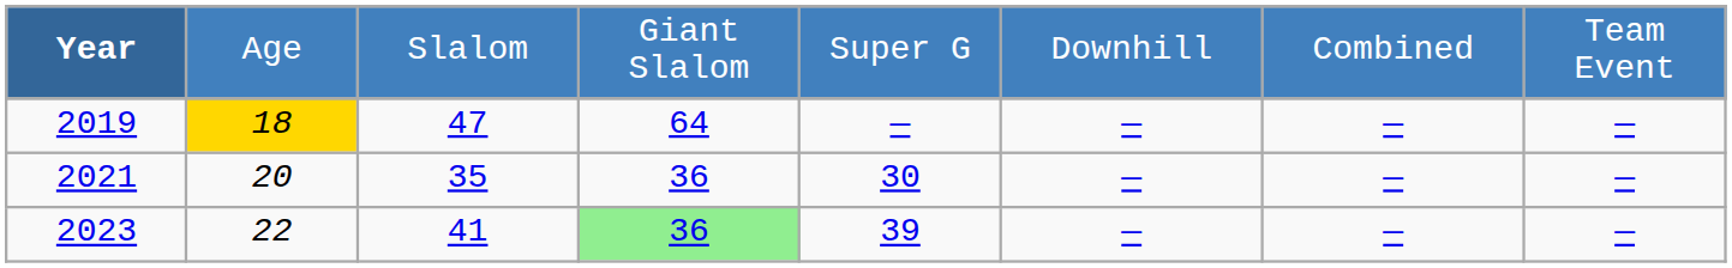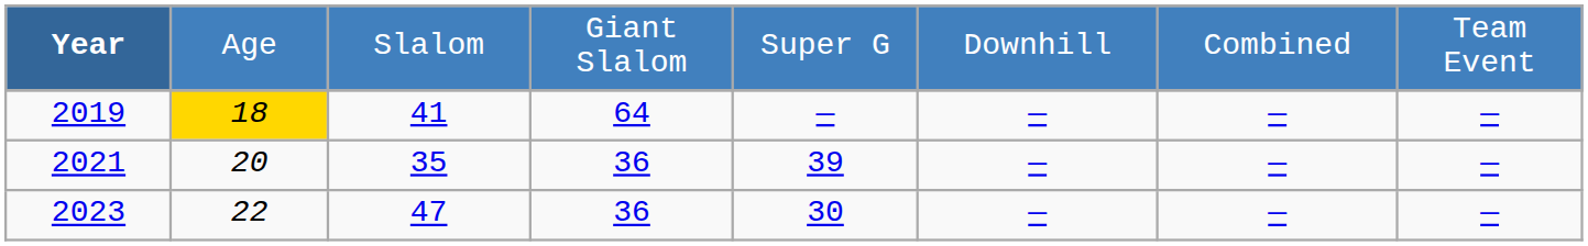 <table class="wikitable" style="font-size:95%; text-align:center; border:grey solid 1px; border-collapse:collapse;" width="50%">
 <tr style="background-color:#369; color:white;">
 <td rowspan="2" colspan="1" width="5%"><strong>Year</strong></td>
 </tr>
 <tr style="background-color:#4180be; color:white;">
 <td width="5%">Age</td>
 <td width="5%">Slalom</td>
 <td width="5%">Giant<br>Slalom</td>
 <td width="5%">Super G</td>
 <td width="5%">Downhill</td>
 <td width="5%">Combined</td>
 <td width="5%">Team Event</td>
 </tr>
 <tr style="background-color:#8CB2D8; color:white;">
 </tr>
 <tr>
 <td><a href='#'>2019</a></td>
 <td style="background: gold;"><em>18</em></td>
-<td><a href='#'>47</a></td>
+<td><a href='#'>41</a></td>
 <td><a href='#'>64</a></td>
 <td><a href='#'>—</a></td>
 <td><a href='#'>—</a></td>
 <td><a href='#'>—</a></td>
 <td><a href='#'>—</a></td>
 </tr>
 <tr>
 <td><a href='#'>2021</a></td>
 <td><em>20</em></td>
 <td><a href='#'>35</a></td>
 <td><a href='#'>36</a></td>
-<td><a href='#'>30</a></td>
+<td><a href='#'>39</a></td>
 <td><a href='#'>—</a></td>
 <td><a href='#'>—</a></td>
 <td><a href='#'>—</a></td>
 </tr>
 <tr>
 <td><a href='#'>2023</a></td>
 <td><em>22</em></td>
-<td><a href='#'>41</a></td>
-<td style="background: lightgreen;"><a href='#'>36</a></td>
-<td><a href='#'>39</a></td>
+<td><a href='#'>47</a></td>
+<td><a href='#'>36</a></td>
+<td><a href='#'>30</a></td>
 <td><a href='#'>—</a></td>
 <td><a href='#'>—</a></td>
 <td><a href='#'>—</a></td>
 </tr>
 </table>
